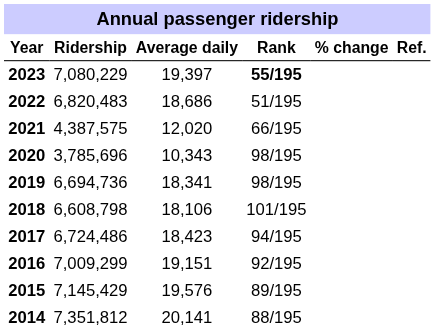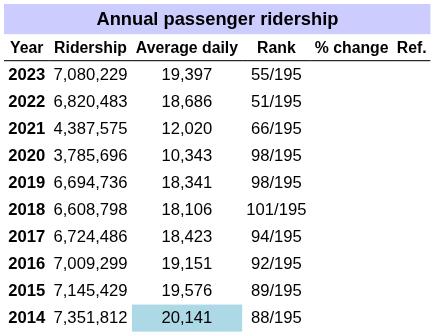 <table class="toccolours" cellpadding="4" cellspacing="0" style="text-align:right;">
 <tr>
 <th colspan="6"  style="background-color:#ccf; background-color:#ccf; font-size:110%; text-align:center;">Annual passenger ridership</th>
 </tr>
 <tr style="font-size:95%; text-align:center">
 <th style="border-bottom:1px solid black">Year</th>
 <th style="border-bottom:1px solid black">Ridership</th>
 <th style="border-bottom:1px solid black">Average daily</th>
 <th style="border-bottom:1px solid black">Rank</th>
 <th style="border-bottom:1px solid black">% change</th>
 <th style="border-bottom:1px solid black">Ref.</th>
 </tr>
 <tr style="text-align:center;">
 <td><strong>2023</strong></td>
 <td>7,080,229</td>
 <td>19,397</td>
-<td><strong>55/195</strong></td>
+<td>55/195</td>
 <td></td>
 <td></td>
 </tr>
 <tr style="text-align:center;">
 <td><strong>2022</strong></td>
 <td>6,820,483</td>
 <td>18,686</td>
 <td>51/195</td>
 <td></td>
 <td></td>
 </tr>
 <tr style="text-align:center;">
 <td><strong>2021</strong></td>
 <td>4,387,575</td>
 <td>12,020</td>
 <td>66/195</td>
 <td></td>
 <td></td>
 </tr>
 <tr style="text-align:center;">
 <td><strong>2020</strong></td>
 <td>3,785,696</td>
 <td>10,343</td>
 <td>98/195</td>
 <td></td>
 <td></td>
 </tr>
 <tr style="text-align:center;">
 <td><strong>2019</strong></td>
 <td>6,694,736</td>
 <td>18,341</td>
 <td>98/195</td>
 <td></td>
 <td></td>
 </tr>
 <tr style="text-align:center;">
 <td><strong>2018</strong></td>
 <td>6,608,798</td>
 <td>18,106</td>
 <td>101/195</td>
 <td></td>
 <td></td>
 </tr>
 <tr style="text-align:center;">
 <td><strong>2017</strong></td>
 <td>6,724,486</td>
 <td>18,423</td>
 <td>94/195</td>
 <td></td>
 <td></td>
 </tr>
 <tr style="text-align:center;">
 <td><strong>2016</strong></td>
 <td>7,009,299</td>
 <td>19,151</td>
 <td>92/195</td>
 <td></td>
 <td></td>
 </tr>
 <tr style="text-align:center;">
 <td><strong>2015</strong></td>
 <td>7,145,429</td>
 <td>19,576</td>
 <td>89/195</td>
 <td></td>
 <td></td>
 </tr>
 <tr style="text-align:center;">
 <td><strong>2014</strong></td>
 <td>7,351,812</td>
-<td>20,141</td>
+<td style="background: lightblue;">20,141</td>
 <td>88/195</td>
 <td></td>
 <td></td>
 </tr>
 </table>
